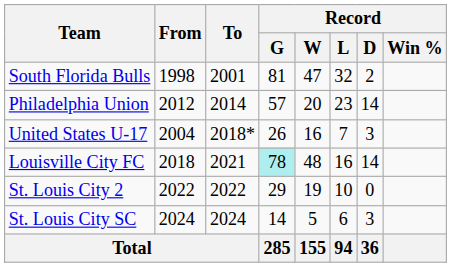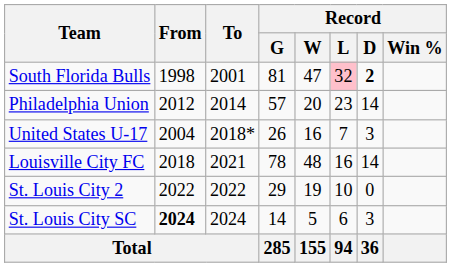 <table class="wikitable" style="text-align: center">
 <tr>
 <th rowspan=2>Team</th>
 <th rowspan=2>From</th>
 <th rowspan=2>To</th>
 <th colspan=5>Record</th>
 </tr>
 <tr>
 <th>G</th>
 <th>W</th>
 <th>L</th>
 <th>D</th>
 <th>Win %</th>
 </tr>
 <tr>
 <td align=left><a href='#'>South Florida Bulls</a></td>
 <td align=left>1998</td>
 <td align=left>2001</td>
 <td>81</td>
 <td>47</td>
-<td>32</td>
-<td>2</td>
+<td style="background: pink;">32</td>
+<td><strong>2</strong></td>
 <td></td>
 </tr>
 <tr>
 <td align=left><a href='#'>Philadelphia Union</a></td>
 <td align=left>2012</td>
 <td align=left>2014</td>
 <td>57</td>
 <td>20</td>
 <td>23</td>
 <td>14</td>
 <td></td>
 </tr>
 <tr>
 <td align=left><a href='#'>United States U-17</a></td>
 <td align=left>2004</td>
 <td align=left>2018*</td>
 <td>26</td>
 <td>16</td>
 <td>7</td>
 <td>3</td>
 <td></td>
 </tr>
 <tr>
 <td align=left><a href='#'>Louisville City FC</a></td>
 <td align=left>2018</td>
 <td align=left>2021</td>
-<td style="background: paleturquoise;">78</td>
+<td>78</td>
 <td>48</td>
 <td>16</td>
 <td>14</td>
 <td></td>
 </tr>
 <tr>
 <td align=left><a href='#'>St. Louis City 2</a></td>
 <td align=left>2022</td>
 <td align=left>2022</td>
 <td>29</td>
 <td>19</td>
 <td>10</td>
 <td>0</td>
 <td></td>
 </tr>
 <tr>
 <td align=left><a href='#'>St. Louis City SC</a></td>
-<td align=left>2024</td>
+<td align=left><strong>2024</strong></td>
 <td align=left>2024</td>
 <td>14</td>
 <td>5</td>
 <td>6</td>
 <td>3</td>
 <td></td>
 </tr>
 <tr>
 <th colspan=3>Total</th>
 <th>285</th>
 <th>155</th>
 <th>94</th>
 <th>36</th>
 <th></th>
 </tr>
 </table>
